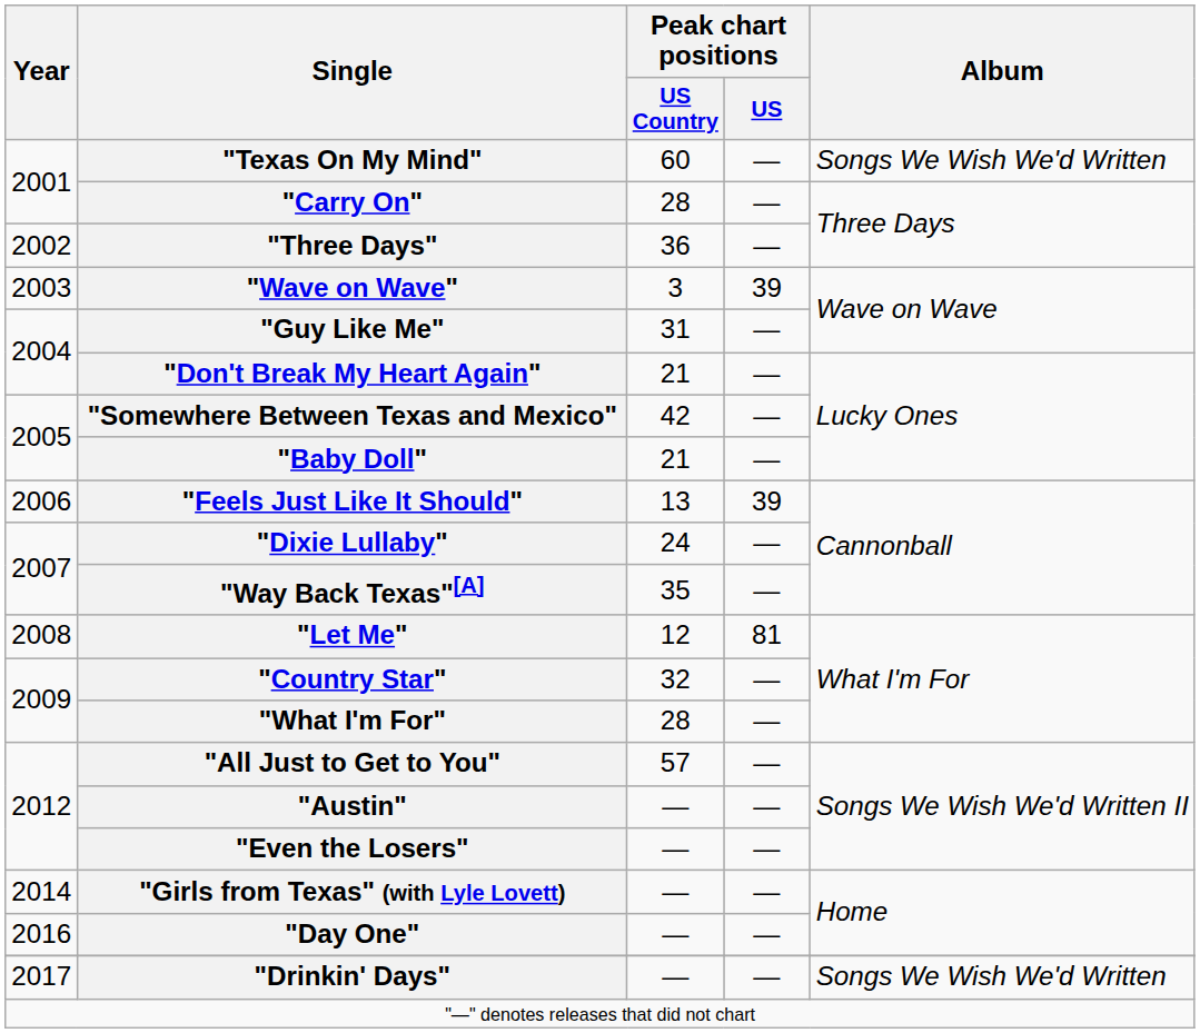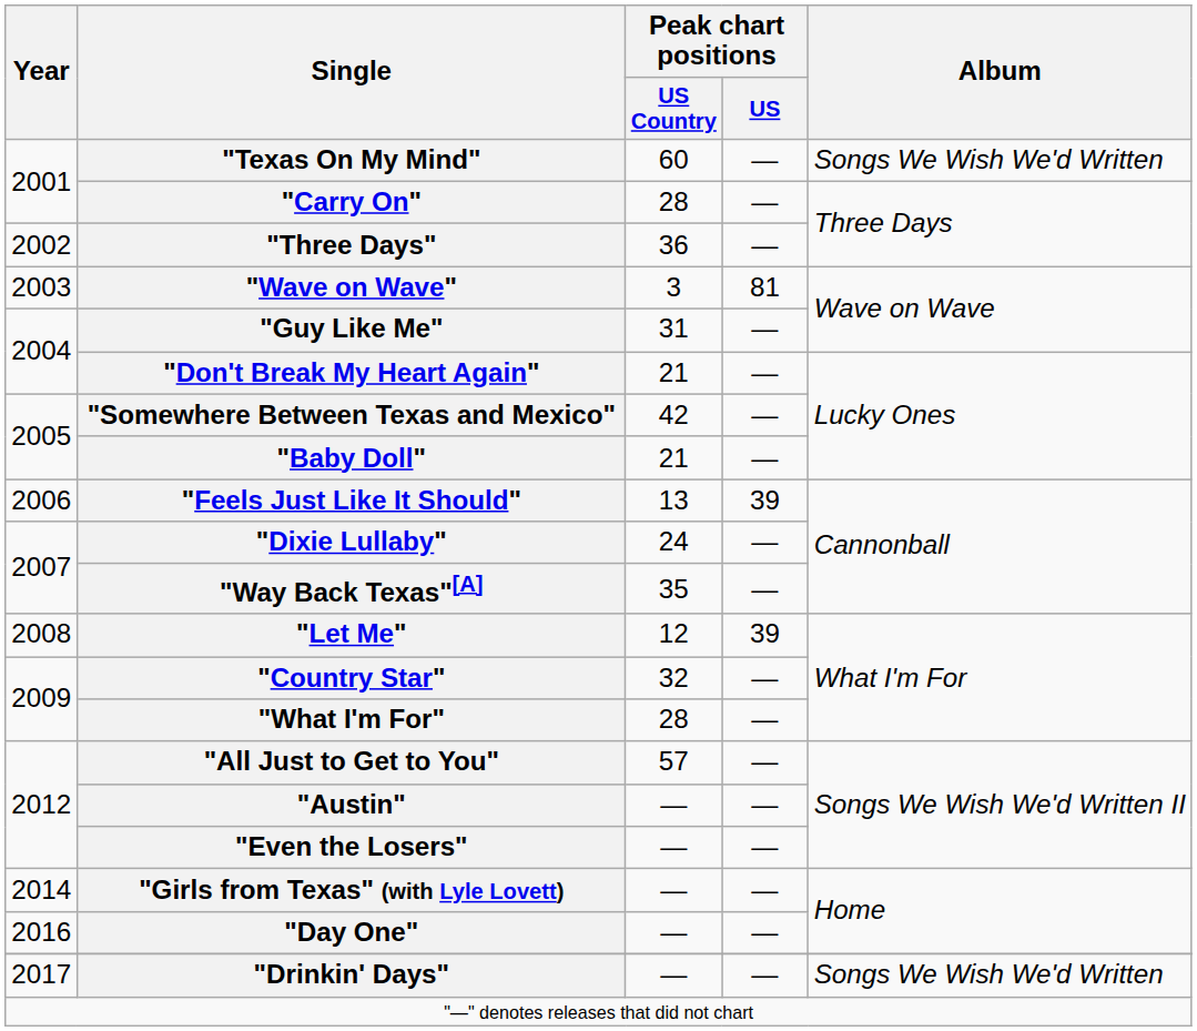 <table class="wikitable plainrowheaders" style="text-align:center;">
 <tr>
 <th rowspan="2">Year</th>
 <th rowspan="2" style="width:20em;">Single</th>
 <th colspan="2">Peak chart<br>positions</th>
 <th rowspan="2">Album</th>
 </tr>
 <tr style="font-size:smaller;">
 <th style="width:45px;"><a href='#'>US Country</a><br></th>
 <th style="width:45px;"><a href='#'>US</a><br></th>
 </tr>
 <tr>
 <td rowspan="2">2001</td>
 <th scope="row">"Texas On My Mind" </th>
 <td>60</td>
 <td>—</td>
 <td style="text-align:left;"><em>Songs We Wish We'd Written</em></td>
 </tr>
 <tr>
 <th scope="row">"<a href='#'>Carry On</a>"</th>
 <td>28</td>
 <td>—</td>
 <td style="text-align:left;" rowspan="2"><em>Three Days</em></td>
 </tr>
 <tr>
 <td>2002</td>
 <th scope="row">"Three Days"</th>
 <td>36</td>
 <td>—</td>
 </tr>
 <tr>
 <td>2003</td>
 <th scope="row">"<a href='#'>Wave on Wave</a>"</th>
 <td>3</td>
-<td>39</td>
+<td>81</td>
 <td style="text-align:left;" rowspan="2"><em>Wave on Wave</em></td>
 </tr>
 <tr>
 <td rowspan="2">2004</td>
 <th scope="row">"Guy Like Me"</th>
 <td>31</td>
 <td>—</td>
 </tr>
 <tr>
 <th scope="row">"<a href='#'>Don't Break My Heart Again</a>"</th>
 <td>21</td>
 <td>—</td>
 <td style="text-align:left;" rowspan="3"><em>Lucky Ones</em></td>
 </tr>
 <tr>
 <td rowspan="2">2005</td>
 <th scope="row">"Somewhere Between Texas and Mexico"</th>
 <td>42</td>
 <td>—</td>
 </tr>
 <tr>
 <th scope="row">"<a href='#'>Baby Doll</a>"</th>
 <td>21</td>
 <td>—</td>
 </tr>
 <tr>
 <td>2006</td>
 <th scope="row">"<a href='#'>Feels Just Like It Should</a>"</th>
 <td>13</td>
 <td>39</td>
 <td style="text-align:left;" rowspan="3"><em>Cannonball</em></td>
 </tr>
 <tr>
 <td rowspan="2">2007</td>
 <th scope="row">"<a href='#'>Dixie Lullaby</a>"</th>
 <td>24</td>
 <td>—</td>
 </tr>
 <tr>
 <th scope="row">"Way Back Texas"<sup><span></span><a href='#'><strong>[A]</strong></a></sup></th>
 <td>35</td>
 <td>—</td>
 </tr>
 <tr>
 <td>2008</td>
 <th scope="row">"<a href='#'>Let Me</a>"</th>
 <td>12</td>
-<td>81</td>
+<td>39</td>
 <td style="text-align:left;" rowspan="3"><em>What I'm For</em></td>
 </tr>
 <tr>
 <td rowspan="2">2009</td>
 <th scope="row">"<a href='#'>Country Star</a>"</th>
 <td>32</td>
 <td>—</td>
 </tr>
 <tr>
 <th scope="row">"What I'm For"</th>
 <td>28</td>
 <td>—</td>
 </tr>
 <tr>
 <td rowspan="3">2012</td>
 <th scope="row">"All Just to Get to You"</th>
 <td>57</td>
 <td>—</td>
 <td style="text-align:left;" rowspan="3"><em>Songs We Wish We'd Written II</em></td>
 </tr>
 <tr>
 <th scope="row">"Austin"</th>
 <td>—</td>
 <td>—</td>
 </tr>
 <tr>
 <th scope="row">"Even the Losers"</th>
 <td>—</td>
 <td>—</td>
 </tr>
 <tr>
 <td>2014</td>
 <th scope="row">"Girls from Texas" <small>(with <a href='#'>Lyle Lovett</a>)</small></th>
 <td>—</td>
 <td>—</td>
 <td style="text-align:left;" rowspan="2"><em>Home</em></td>
 </tr>
 <tr>
 <td>2016</td>
 <th scope="row">"Day One"</th>
 <td>—</td>
 <td>—</td>
 </tr>
 <tr>
 </tr>
 <tr>
 <td>2017</td>
 <th scope="row">"Drinkin' Days"</th>
 <td>—</td>
 <td>—</td>
 <td style="text-align:left;"><em>Songs We Wish We'd Written</em></td>
 </tr>
 <tr>
 <td colspan="5" style="text-align:center; font-size:8pt;">"—" denotes releases that did not chart</td>
 </tr>
 </table>
